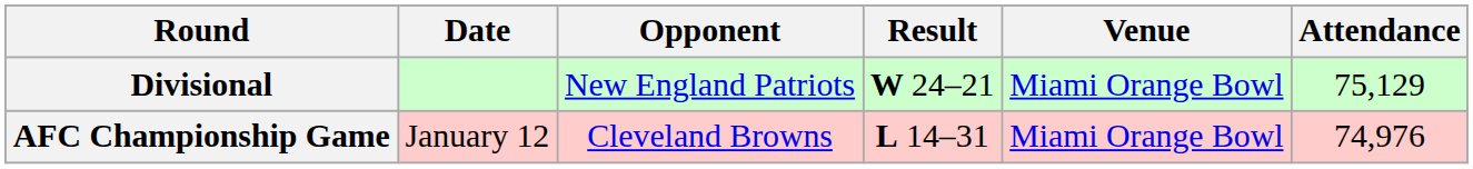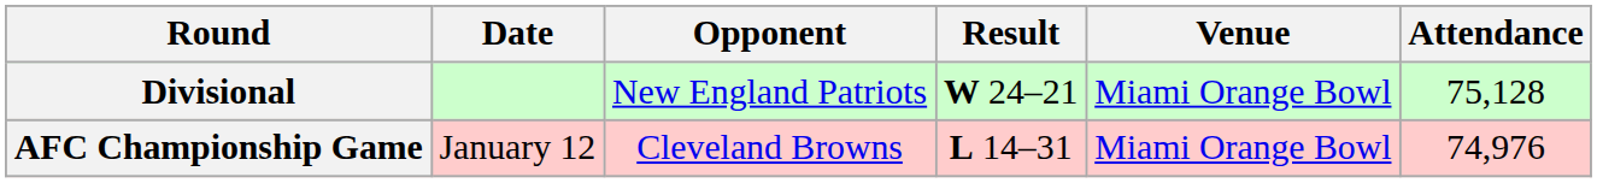 <table class="wikitable" style="text-align:center">
 <tr>
 <th>Round</th>
 <th>Date</th>
 <th>Opponent</th>
 <th>Result</th>
 <th>Venue</th>
 <th>Attendance</th>
 </tr>
 <tr style="background:#cfc">
 <th>Divisional</th>
 <td></td>
 <td><a href='#'>New England Patriots</a></td>
 <td><strong>W</strong> 24–21</td>
 <td><a href='#'>Miami Orange Bowl</a></td>
-<td>75,129</td>
+<td>75,128</td>
 </tr>
 <tr style="background:#fcc">
 <th>AFC Championship Game</th>
 <td>January 12</td>
 <td><a href='#'>Cleveland Browns</a></td>
 <td><strong>L</strong> 14–31</td>
 <td><a href='#'>Miami Orange Bowl</a></td>
 <td>74,976</td>
 </tr>
 </table>
